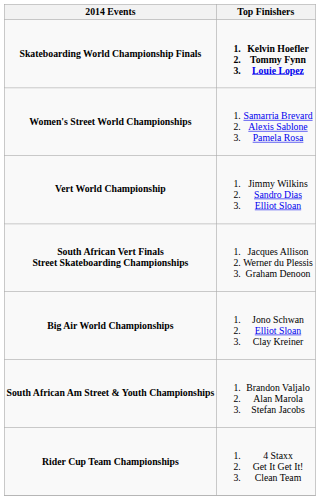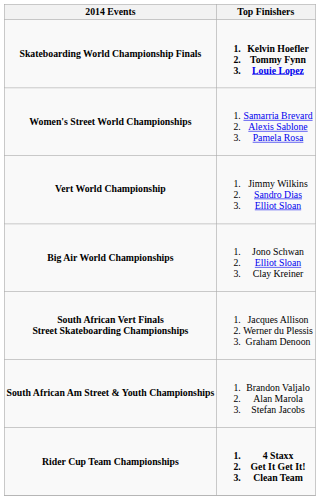 <table class="wikitable plainrowheaders" style="text-align:center;">
 <tr>
 <th scope="col" rowspan="1">2014 Events</th>
 <th scope="col" rowspan="1">Top Finishers</th>
 </tr>
 <tr>
 <td rowspan="1"><strong>Skateboarding World Championship Finals</strong></td>
 <td><strong><br><ol><li> Kelvin Hoefler</li><li> Tommy Fynn</li><li> <a href='#'>Louie Lopez</a></li></ol></strong></td>
 </tr>
 <tr>
 <td rowspan="1"><strong>Women's Street World Championships</strong></td>
 <td><br><ol><li> <a href='#'>Samarria Brevard</a></li><li> <a href='#'>Alexis Sablone</a></li><li> <a href='#'>Pamela Rosa</a></li></ol></td>
 </tr>
 <tr>
 <td rowspan="1"><strong>Vert World Championship</strong></td>
 <td><br><ol><li> Jimmy Wilkins</li><li> <a href='#'>Sandro Dias</a></li><li> <a href='#'>Elliot Sloan</a></li></ol></td>
 </tr>
 <tr>
+<td rowspan="1"><strong>Big Air World Championships</strong></td>
+<td><br><ol><li> Jono Schwan</li><li> <a href='#'>Elliot Sloan</a></li><li> Clay Kreiner</li></ol></td>
+</tr>
+<tr>
 <td rowspan="1"><strong>South African Vert Finals</strong><br><strong>Street Skateboarding Championships</strong></td>
 <td><br><ol><li> Jacques Allison</li><li> Werner du Plessis</li><li> Graham Denoon</li></ol></td>
-</tr>
-<tr>
-<td rowspan="1"><strong>Big Air World Championships</strong></td>
-<td><br><ol><li> Jono Schwan</li><li> <a href='#'>Elliot Sloan</a></li><li> Clay Kreiner</li></ol></td>
 </tr>
 <tr>
 <td rowspan="1"><strong>South African Am Street & Youth Championships</strong></td>
 <td><br><ol><li> Brandon Valjalo</li><li> Alan Marola</li><li> Stefan Jacobs</li></ol></td>
 </tr>
 <tr>
 <td rowspan="1"><strong>Rider Cup Team Championships</strong></td>
-<td><br><ol><li> 4 Staxx</li><li> Get It Get It!</li><li> Clean Team</li></ol></td>
+<td><strong><br><ol><li> 4 Staxx</li><li> Get It Get It!</li><li> Clean Team</li></ol></strong></td>
 </tr>
 <tr>
 </tr>
 </table>
